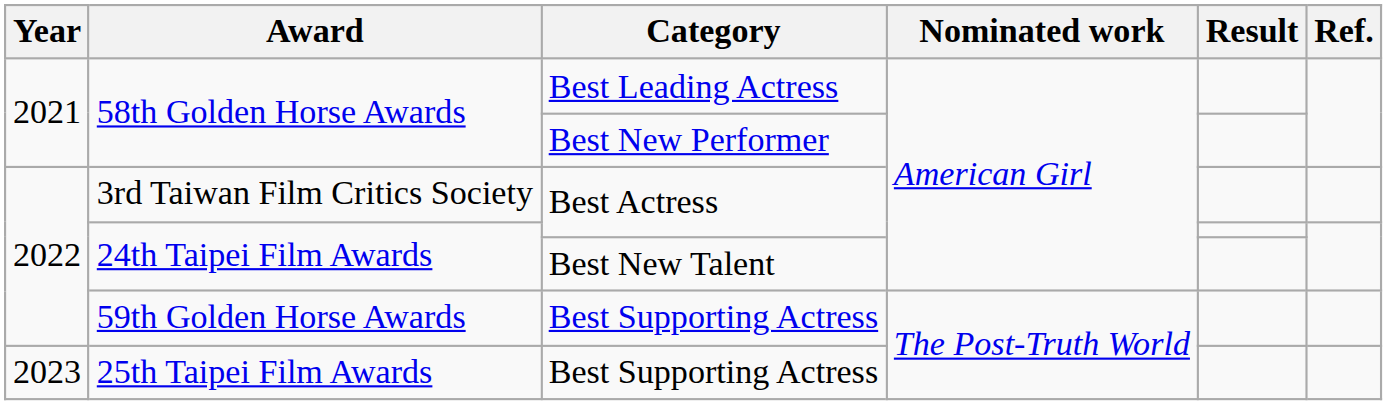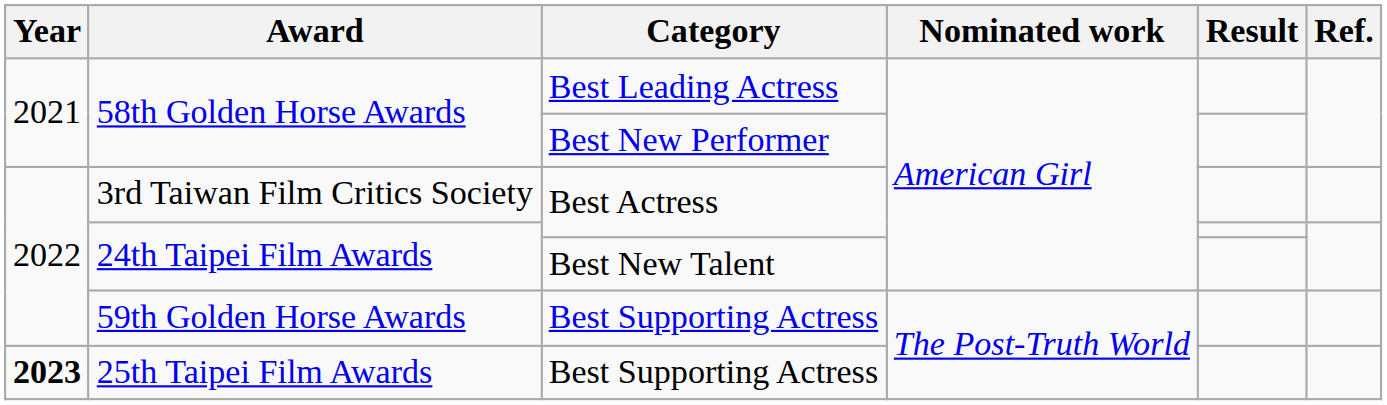 <table class="wikitable sortable">
 <tr>
 <th>Year</th>
 <th>Award</th>
 <th>Category</th>
 <th>Nominated work</th>
 <th>Result</th>
 <th>Ref.</th>
 </tr>
 <tr>
 <td rowspan=2>2021</td>
 <td rowspan=2><a href='#'>58th Golden Horse Awards</a></td>
 <td><a href='#'>Best Leading Actress</a></td>
 <td rowspan=5><em><a href='#'>American Girl</a></em></td>
 <td></td>
 <td rowspan="2"></td>
 </tr>
 <tr>
 <td><a href='#'>Best New Performer</a></td>
 <td></td>
 </tr>
 <tr>
 <td rowspan=4>2022</td>
 <td>3rd Taiwan Film Critics Society</td>
 <td rowspan=2>Best Actress</td>
 <td></td>
 <td></td>
 </tr>
 <tr>
 <td rowspan=2><a href='#'>24th Taipei Film Awards</a></td>
 <td></td>
 <td rowspan="2"></td>
 </tr>
 <tr>
 <td>Best New Talent</td>
 <td></td>
 </tr>
 <tr>
 <td><a href='#'>59th Golden Horse Awards</a></td>
 <td><a href='#'>Best Supporting Actress</a></td>
 <td rowspan="2"><em><a href='#'>The Post-Truth World</a></em></td>
 <td></td>
 <td></td>
 </tr>
 <tr>
-<td>2023</td>
+<td><strong>2023</strong></td>
 <td><a href='#'>25th Taipei Film Awards</a></td>
 <td>Best Supporting Actress</td>
 <td></td>
 <td></td>
 </tr>
 </table>
